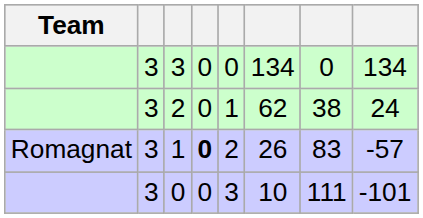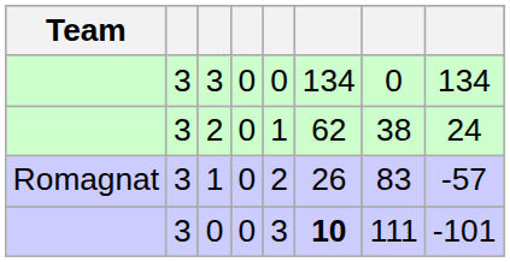 <table class="wikitable" style="text-align: center;">
 <tr>
 <th>Team</th>
 <th></th>
 <th></th>
 <th></th>
 <th></th>
 <th></th>
 <th></th>
 <th></th>
 </tr>
 <tr bgcolor="ccffcc">
 <td align="left"></td>
 <td>3</td>
 <td>3</td>
 <td>0</td>
 <td>0</td>
 <td>134</td>
 <td>0</td>
 <td>134</td>
 </tr>
 <tr bgcolor="ccffcc">
 <td align="left"></td>
 <td>3</td>
 <td>2</td>
 <td>0</td>
 <td>1</td>
 <td>62</td>
 <td>38</td>
 <td>24</td>
 </tr>
 <tr bgcolor="ccccff">
 <td align="left"> Romagnat</td>
 <td>3</td>
 <td>1</td>
-<td><strong>0</strong></td>
+<td>0</td>
 <td>2</td>
 <td>26</td>
 <td>83</td>
 <td>-57</td>
 </tr>
 <tr bgcolor="ccccff">
 <td align="left"></td>
 <td>3</td>
 <td>0</td>
 <td>0</td>
 <td>3</td>
-<td>10</td>
+<td><strong>10</strong></td>
 <td>111</td>
 <td>-101</td>
 </tr>
 </table>
